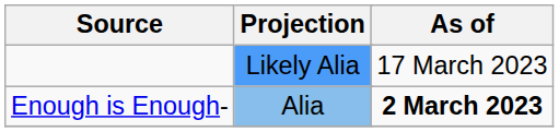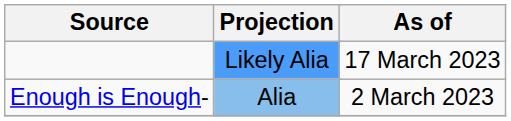 <table class="wikitable" style="text-align:center">
 <tr>
 <th>Source</th>
 <th colspan=2>Projection</th>
 <th>As of</th>
 </tr>
 <tr>
 <td align="left"></td>
 <td colspan=2 bgcolor=#4b9cf9>Likely Alia</td>
 <td>17 March 2023</td>
 </tr>
 <tr>
 <td align="left"><a href='#'>Enough is Enough</a>-<br></td>
 <td colspan=2 bgcolor=#87BEEB>Alia</td>
-<td><strong>2 March 2023</strong></td>
+<td>2 March 2023</td>
 </tr>
 <tr>
 </tr>
 </table>
